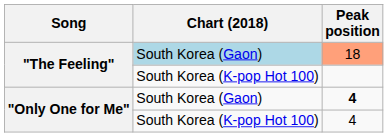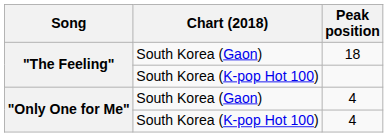 <table class="wikitable plainrowheaders" style="text-align:center">
 <tr>
 <th scope="col">Song</th>
 <th scope="col">Chart (2018)</th>
 <th scope="col">Peak<br>position</th>
 </tr>
 <tr>
 <th scope="row" rowspan="2">"The Feeling"</th>
-<td style="background: lightblue; text-align:left">South Korea (<a href='#'>Gaon</a>)</td>
-<td style="background: lightsalmon;">18</td>
+<td style="text-align:left">South Korea (<a href='#'>Gaon</a>)</td>
+<td>18</td>
 </tr>
 <tr>
 <td style="text-align:left">South Korea (<a href='#'>K-pop Hot 100</a>)</td>
 <td></td>
 </tr>
 <tr>
 <th scope="row" rowspan="2">"Only One for Me"</th>
 <td style="text-align:left">South Korea (<a href='#'>Gaon</a>)</td>
-<td><strong>4</strong></td>
+<td>4</td>
 </tr>
 <tr>
 <td style="text-align:left">South Korea (<a href='#'>K-pop Hot 100</a>)</td>
 <td>4</td>
 </tr>
 </table>
